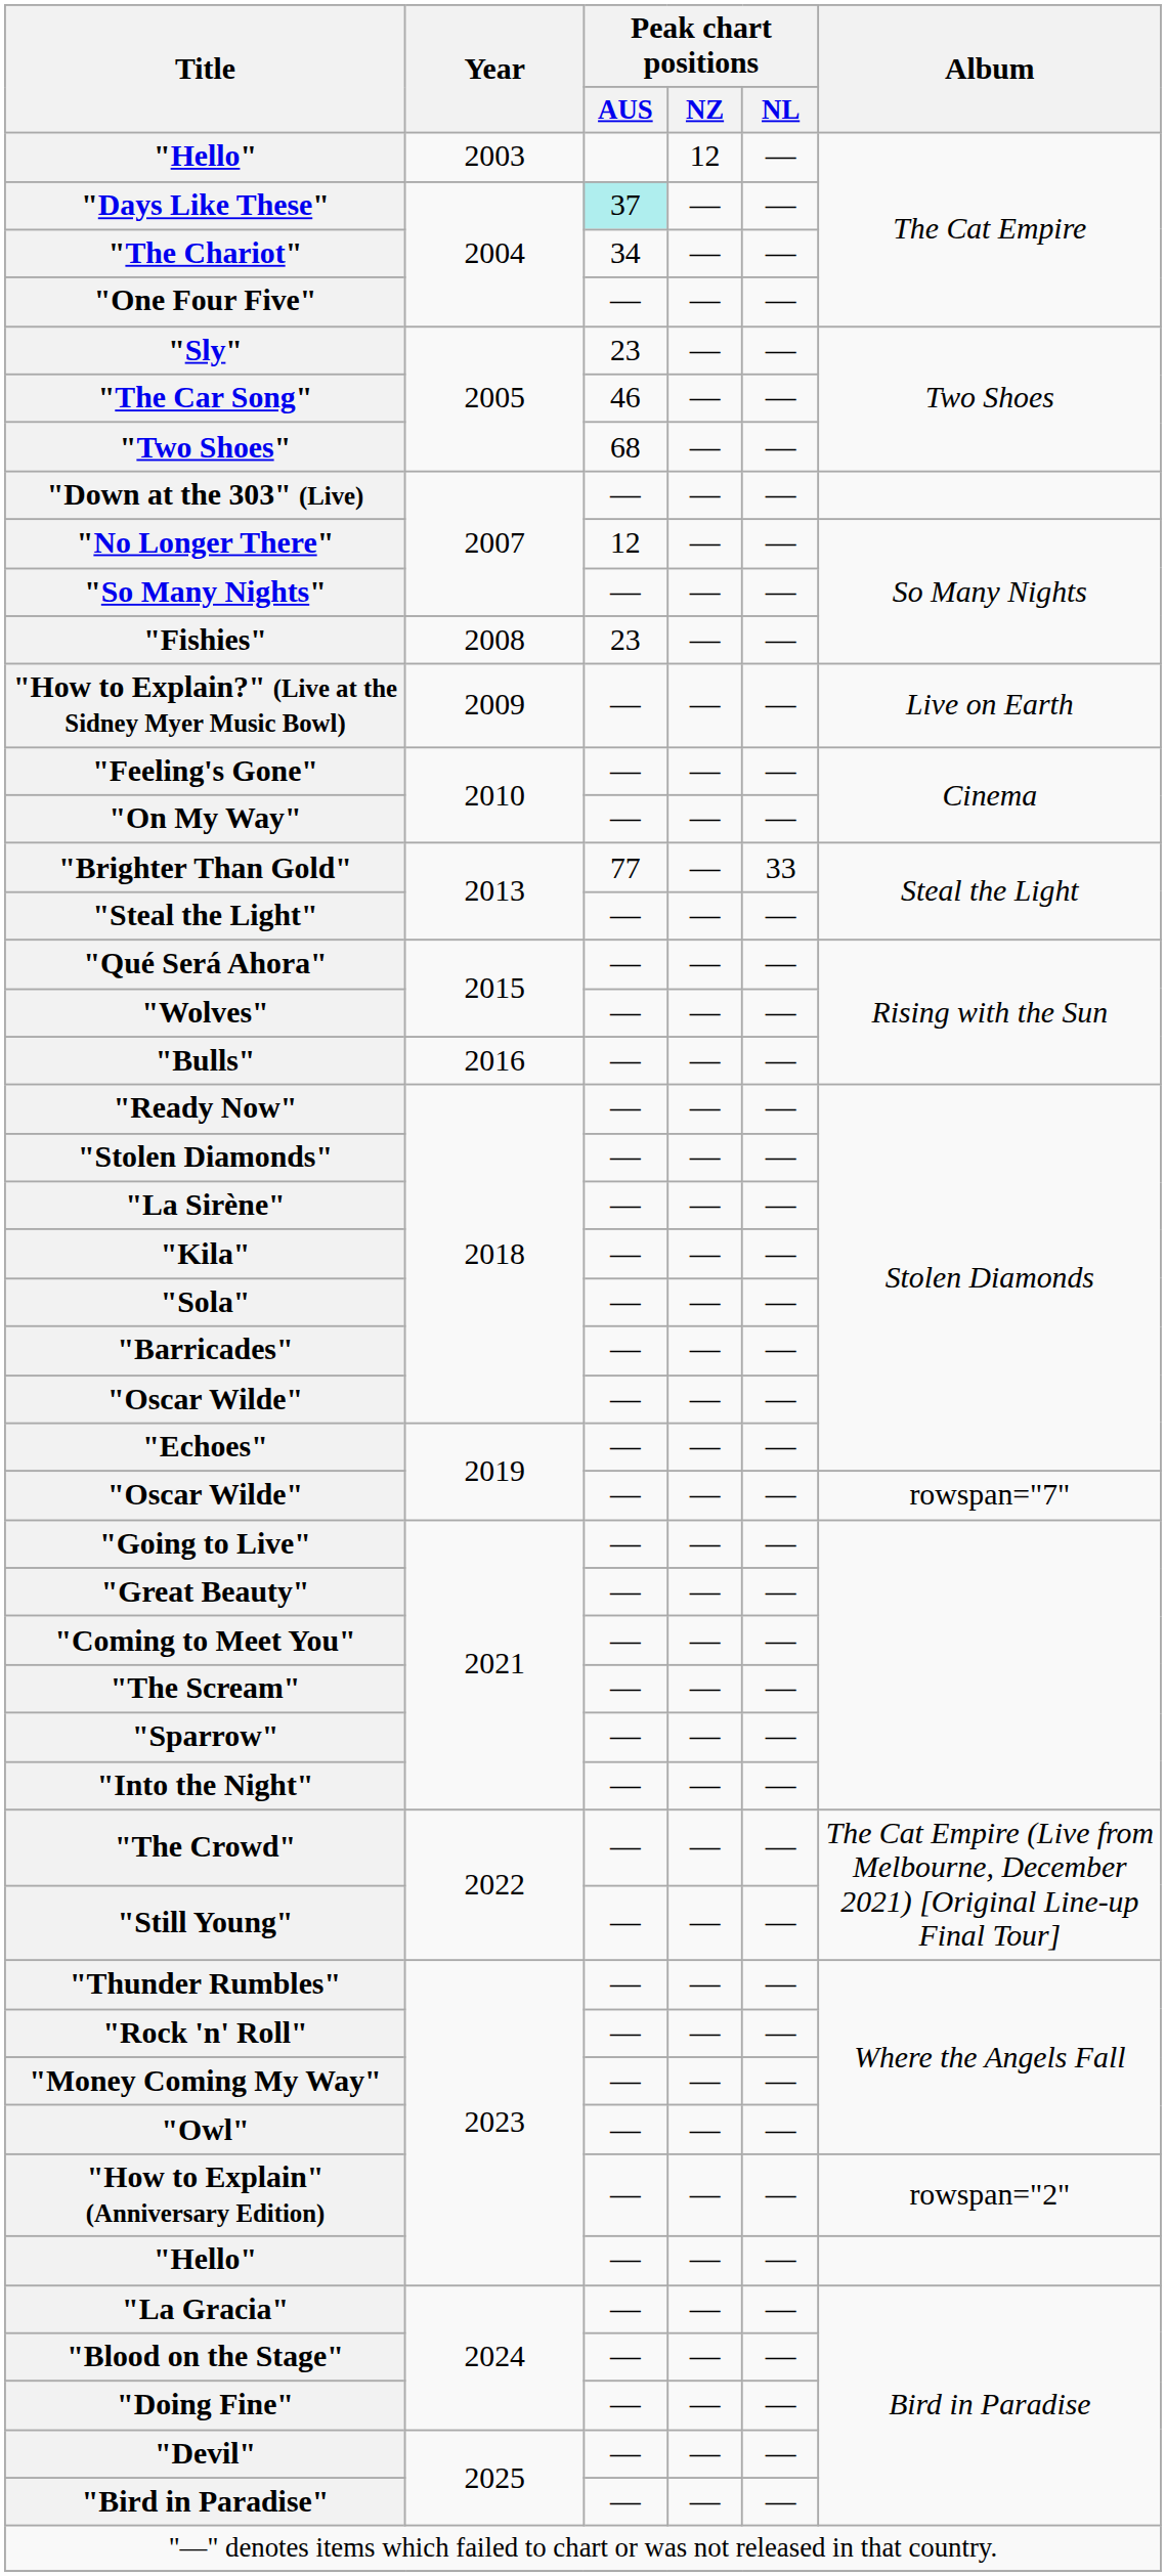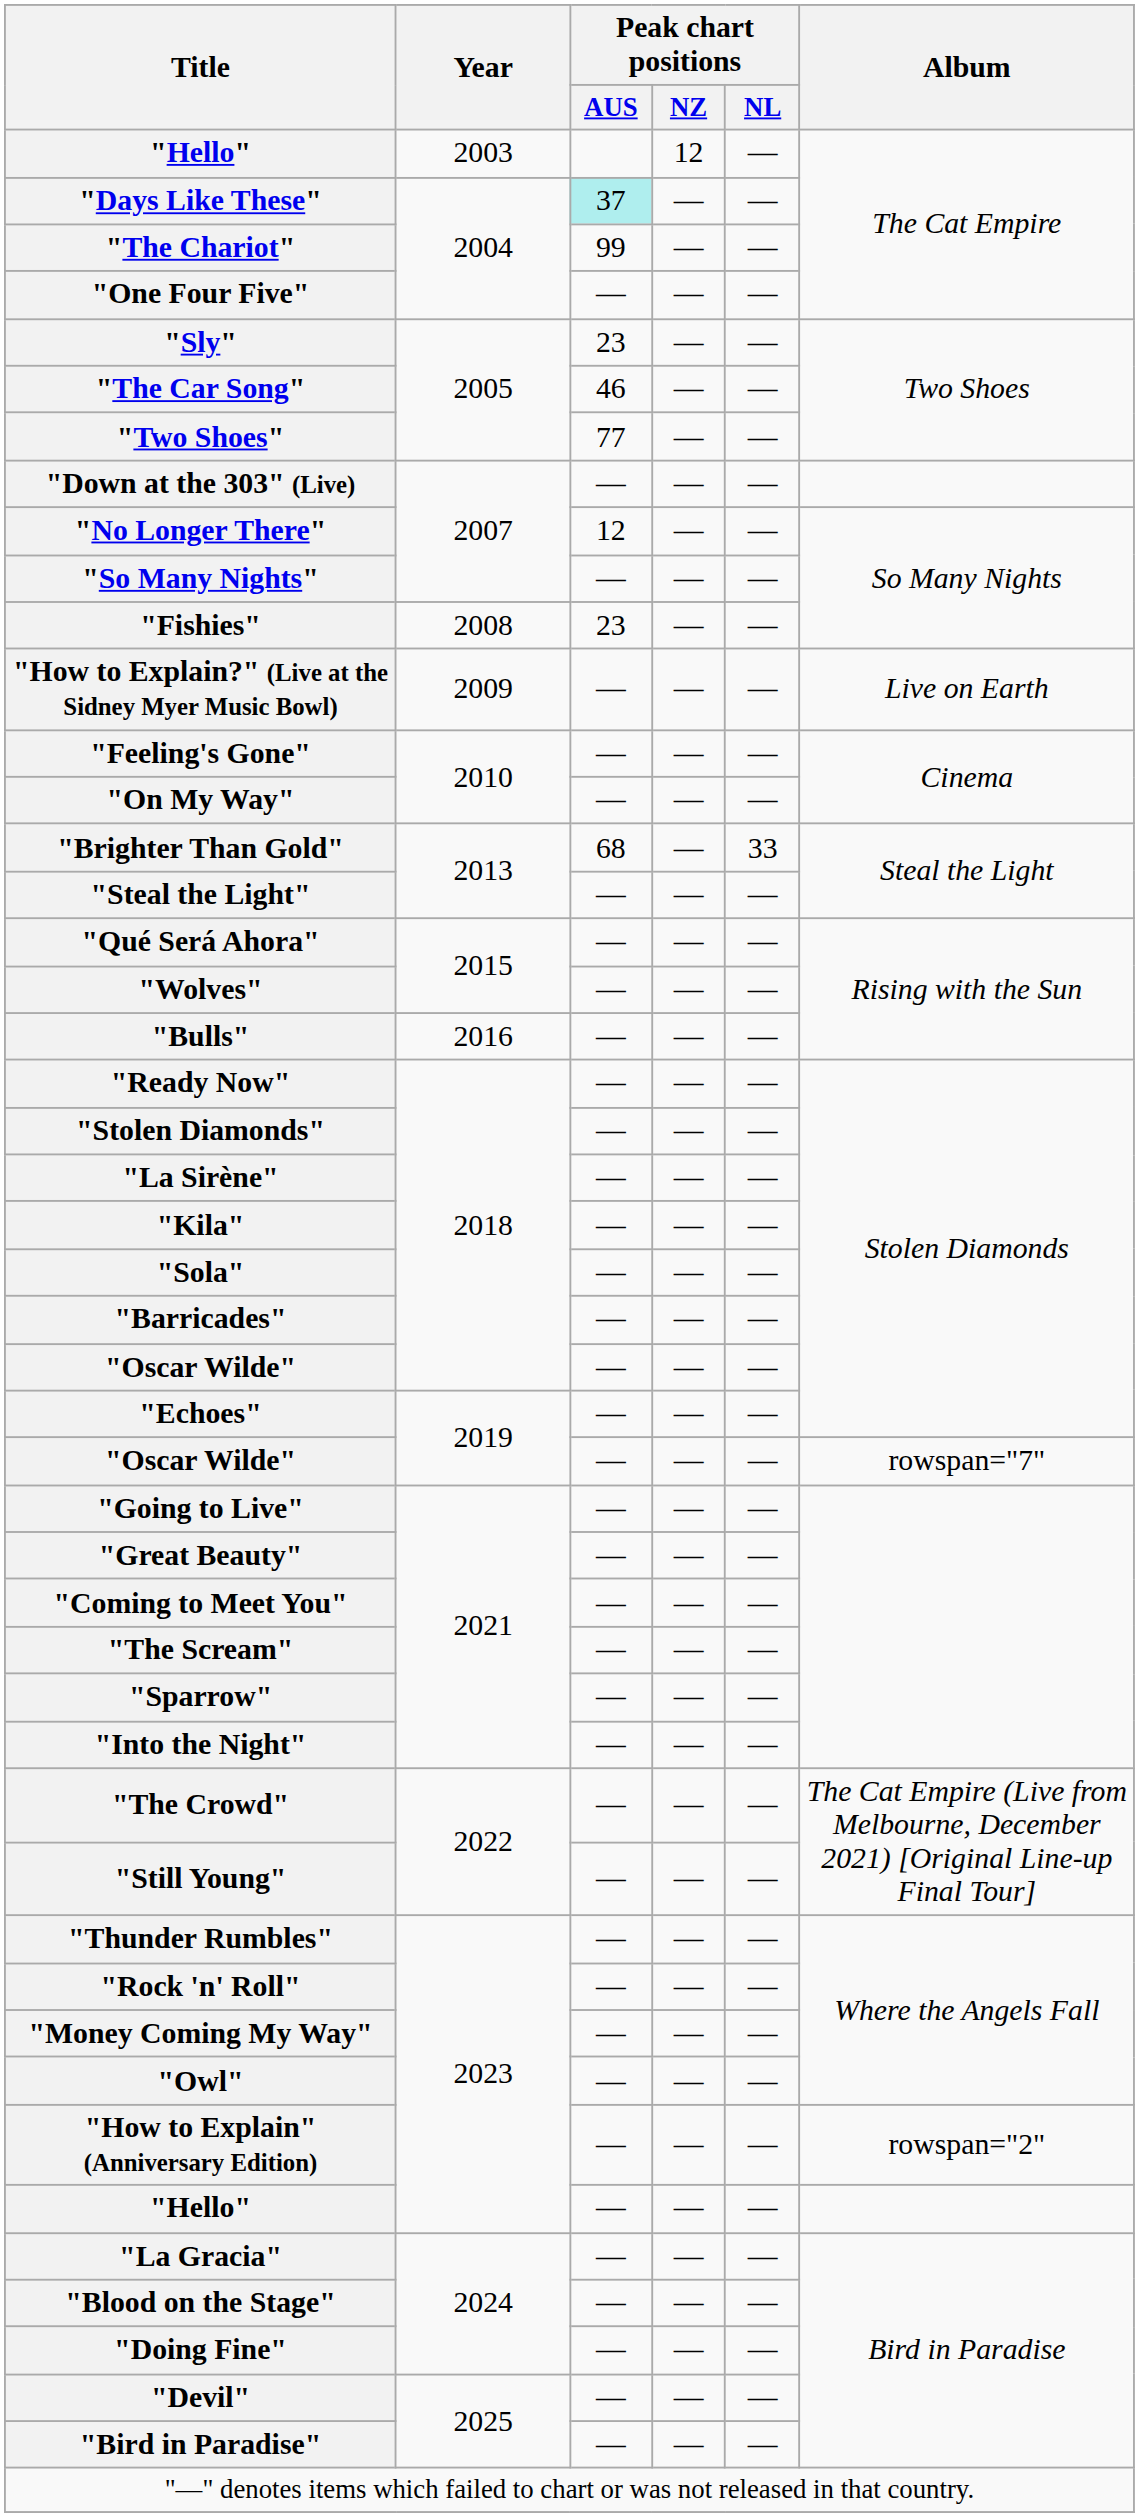 <table class="wikitable plainrowheaders" style="text-align:center;">
 <tr>
 <th rowspan="2" style="width:18em;">Title</th>
 <th rowspan="2" style="width:8em;">Year</th>
 <th colspan="3">Peak chart positions</th>
 <th rowspan="2" style="width:15em;">Album</th>
 </tr>
 <tr>
 <th scope="col" style="width:3em;font-size:90%;"><a href='#'>AUS</a><br></th>
 <th scope="col" style="width:3em;font-size:90%;"><a href='#'>NZ</a><br></th>
 <th scope="col" style="width:3em;font-size:90%;"><a href='#'>NL</a><br></th>
 </tr>
 <tr>
 <th scope="row">"<a href='#'>Hello</a>"</th>
 <td>2003</td>
 <td></td>
 <td>12</td>
 <td>—</td>
 <td rowspan="4"><em>The Cat Empire</em></td>
 </tr>
 <tr>
 <th scope="row">"<a href='#'>Days Like These</a>"</th>
 <td rowspan="3">2004</td>
 <td style="background: paleturquoise;">37</td>
 <td>—</td>
 <td>—</td>
 </tr>
 <tr>
 <th scope="row">"<a href='#'>The Chariot</a>"</th>
-<td>34</td>
+<td>99</td>
 <td>—</td>
 <td>—</td>
 </tr>
 <tr>
 <th scope="row">"One Four Five"</th>
 <td>—</td>
 <td>—</td>
 <td>—</td>
 </tr>
 <tr>
 <th scope="row">"<a href='#'>Sly</a>"</th>
 <td rowspan="3">2005</td>
 <td>23</td>
 <td>—</td>
 <td>—</td>
 <td rowspan="3"><em>Two Shoes</em></td>
 </tr>
 <tr>
 <th scope="row">"<a href='#'>The Car Song</a>"</th>
 <td>46</td>
 <td>—</td>
 <td>—</td>
 </tr>
 <tr>
 <th scope="row">"<a href='#'>Two Shoes</a>"</th>
-<td>68</td>
+<td>77</td>
 <td>—</td>
 <td>—</td>
 </tr>
 <tr>
 <th scope="row">"Down at the 303" <small>(Live)</small></th>
 <td rowspan="3">2007</td>
 <td>—</td>
 <td>—</td>
 <td>—</td>
 <td></td>
 </tr>
 <tr>
 <th scope="row">"<a href='#'>No Longer There</a>"</th>
 <td>12</td>
 <td>—</td>
 <td>—</td>
 <td rowspan="3"><em>So Many Nights</em></td>
 </tr>
 <tr>
 <th scope="row">"<a href='#'>So Many Nights</a>"</th>
 <td>—</td>
 <td>—</td>
 <td>—</td>
 </tr>
 <tr>
 <th scope="row">"Fishies"</th>
 <td>2008</td>
 <td>23</td>
 <td>—</td>
 <td>—</td>
 </tr>
 <tr>
 <th scope="row">"How to Explain?" <small>(Live at the Sidney Myer Music Bowl)</small></th>
 <td>2009</td>
 <td>—</td>
 <td>—</td>
 <td>—</td>
 <td><em>Live on Earth</em></td>
 </tr>
 <tr>
 <th scope="row">"Feeling's Gone"</th>
 <td rowspan="2">2010</td>
 <td>—</td>
 <td>—</td>
 <td>—</td>
 <td rowspan="2"><em>Cinema</em></td>
 </tr>
 <tr>
 <th scope="row">"On My Way"</th>
 <td>—</td>
 <td>—</td>
 <td>—</td>
 </tr>
 <tr>
 <th scope="row">"Brighter Than Gold"</th>
 <td rowspan="2">2013</td>
-<td>77</td>
+<td>68</td>
 <td>—</td>
 <td>33</td>
 <td rowspan="2"><em>Steal the Light</em></td>
 </tr>
 <tr>
 <th scope="row">"Steal the Light"</th>
 <td>—</td>
 <td>—</td>
 <td>—</td>
 </tr>
 <tr>
 <th scope="row">"Qué Será Ahora"</th>
 <td rowspan="2">2015</td>
 <td>—</td>
 <td>—</td>
 <td>—</td>
 <td rowspan="3"><em>Rising with the Sun</em></td>
 </tr>
 <tr>
 <th scope="row">"Wolves"</th>
 <td>—</td>
 <td>—</td>
 <td>—</td>
 </tr>
 <tr>
 <th scope="row">"Bulls"</th>
 <td>2016</td>
 <td>—</td>
 <td>—</td>
 <td>—</td>
 </tr>
 <tr>
 <th scope="row">"Ready Now"</th>
 <td rowspan="7">2018</td>
 <td>—</td>
 <td>—</td>
 <td>—</td>
 <td rowspan="8"><em>Stolen Diamonds</em></td>
 </tr>
 <tr>
 <th scope="row">"Stolen Diamonds"</th>
 <td>—</td>
 <td>—</td>
 <td>—</td>
 </tr>
 <tr>
 <th scope="row">"La Sirène"</th>
 <td>—</td>
 <td>—</td>
 <td>—</td>
 </tr>
 <tr>
 <th scope="row">"Kila"</th>
 <td>—</td>
 <td>—</td>
 <td>—</td>
 </tr>
 <tr>
 <th scope="row">"Sola" </th>
 <td>—</td>
 <td>—</td>
 <td>—</td>
 </tr>
 <tr>
 <th scope="row">"Barricades"</th>
 <td>—</td>
 <td>—</td>
 <td>—</td>
 </tr>
 <tr>
 <th scope="row">"Oscar Wilde"</th>
 <td>—</td>
 <td>—</td>
 <td>—</td>
 </tr>
 <tr>
 <th scope="row">"Echoes"</th>
 <td rowspan="2">2019</td>
 <td>—</td>
 <td>—</td>
 <td>—</td>
 </tr>
 <tr>
 <th scope="row">"Oscar Wilde" </th>
 <td>—</td>
 <td>—</td>
 <td>—</td>
 <td>rowspan="7" </td>
 </tr>
 <tr>
 <th scope="row">"Going to Live"</th>
 <td rowspan="6">2021</td>
 <td>—</td>
 <td>—</td>
 <td>—</td>
 </tr>
 <tr>
 <th scope="row">"Great Beauty"</th>
 <td>—</td>
 <td>—</td>
 <td>—</td>
 </tr>
 <tr>
 <th scope="row">"Coming to Meet You"</th>
 <td>—</td>
 <td>—</td>
 <td>—</td>
 </tr>
 <tr>
 <th scope="row">"The Scream"</th>
 <td>—</td>
 <td>—</td>
 <td>—</td>
 </tr>
 <tr>
 <th scope="row">"Sparrow"</th>
 <td>—</td>
 <td>—</td>
 <td>—</td>
 </tr>
 <tr>
 <th scope="row">"Into the Night"</th>
 <td>—</td>
 <td>—</td>
 <td>—</td>
 </tr>
 <tr>
 <th scope="row">"The Crowd"</th>
 <td rowspan="2">2022</td>
 <td>—</td>
 <td>—</td>
 <td>—</td>
 <td rowspan="2"><em>The Cat Empire (Live from Melbourne, December 2021) [Original Line-up Final Tour]</em></td>
 </tr>
 <tr>
 <th scope="row">"Still Young"</th>
 <td>—</td>
 <td>—</td>
 <td>—</td>
 </tr>
 <tr>
 <th scope="row">"Thunder Rumbles"</th>
 <td rowspan="6">2023</td>
 <td>—</td>
 <td>—</td>
 <td>—</td>
 <td rowspan="4"><em>Where the Angels Fall</em></td>
 </tr>
 <tr>
 <th scope="row">"Rock 'n' Roll"</th>
 <td>—</td>
 <td>—</td>
 <td>—</td>
 </tr>
 <tr>
 <th scope="row">"Money Coming My Way"</th>
 <td>—</td>
 <td>—</td>
 <td>—</td>
 </tr>
 <tr>
 <th scope="row">"Owl"</th>
 <td>—</td>
 <td>—</td>
 <td>—</td>
 </tr>
 <tr>
 <th scope="row">"How to Explain" <small>(Anniversary Edition)</small></th>
 <td>—</td>
 <td>—</td>
 <td>—</td>
 <td>rowspan="2" </td>
 </tr>
 <tr>
 <th scope="row">"Hello" </th>
 <td>—</td>
 <td>—</td>
 <td>—</td>
 </tr>
 <tr>
 <th scope="row">"La Gracia"</th>
 <td rowspan="3">2024</td>
 <td>—</td>
 <td>—</td>
 <td>—</td>
 <td rowspan="5"><em>Bird in Paradise</em></td>
 </tr>
 <tr>
 <th scope="row">"Blood on the Stage"</th>
 <td>—</td>
 <td>—</td>
 <td>—</td>
 </tr>
 <tr>
 <th scope="row">"Doing Fine"</th>
 <td>—</td>
 <td>—</td>
 <td>—</td>
 </tr>
 <tr>
 <th scope="row">"Devil"</th>
 <td rowspan="2">2025</td>
 <td>—</td>
 <td>—</td>
 <td>—</td>
 </tr>
 <tr>
 <th scope="row">"Bird in Paradise"</th>
 <td>—</td>
 <td>—</td>
 <td>—</td>
 </tr>
 <tr>
 <td colspan="15" style="text-align:center;font-size:90%">"—" denotes items which failed to chart or was not released in that country.</td>
 </tr>
 <tr>
 </tr>
 </table>
